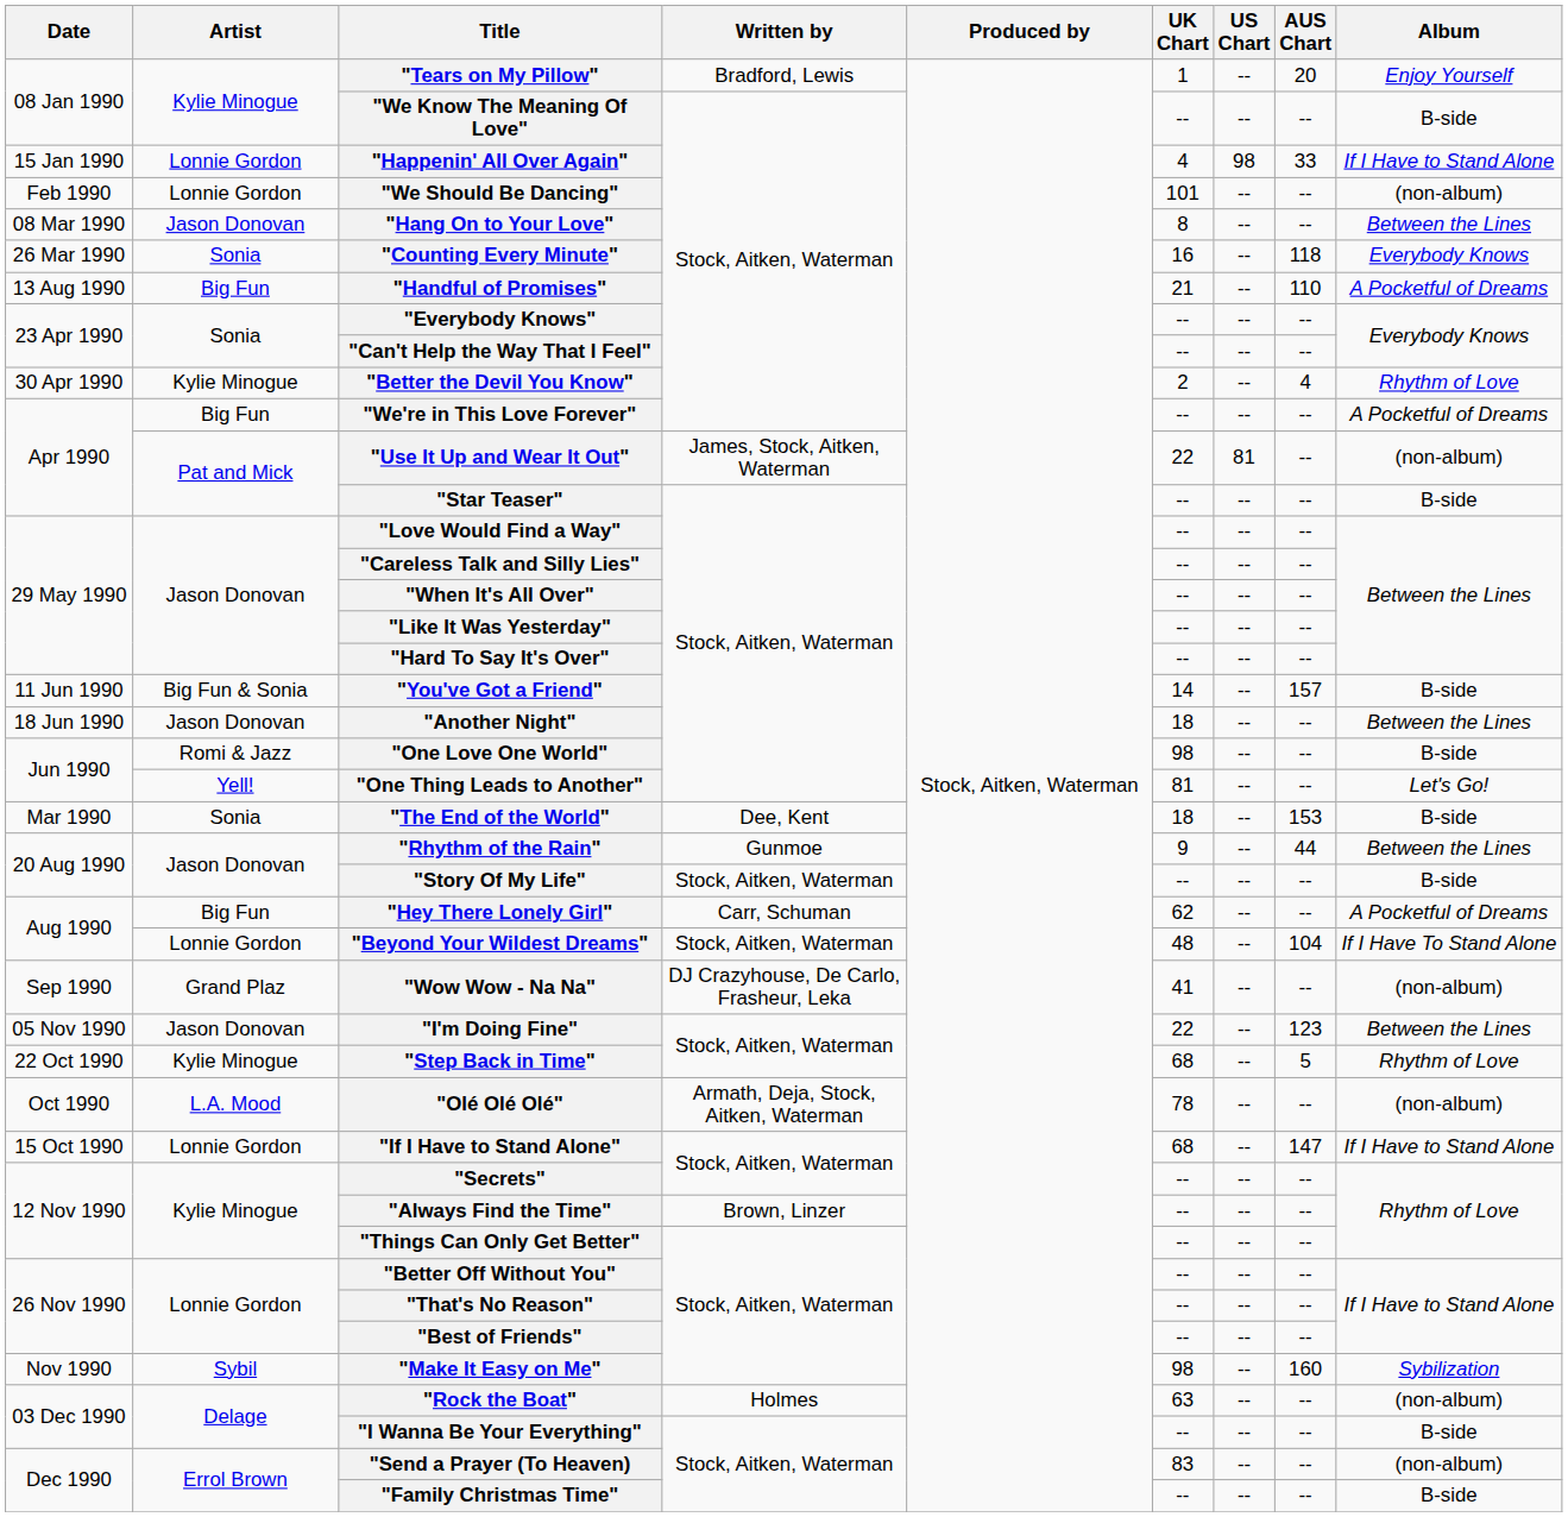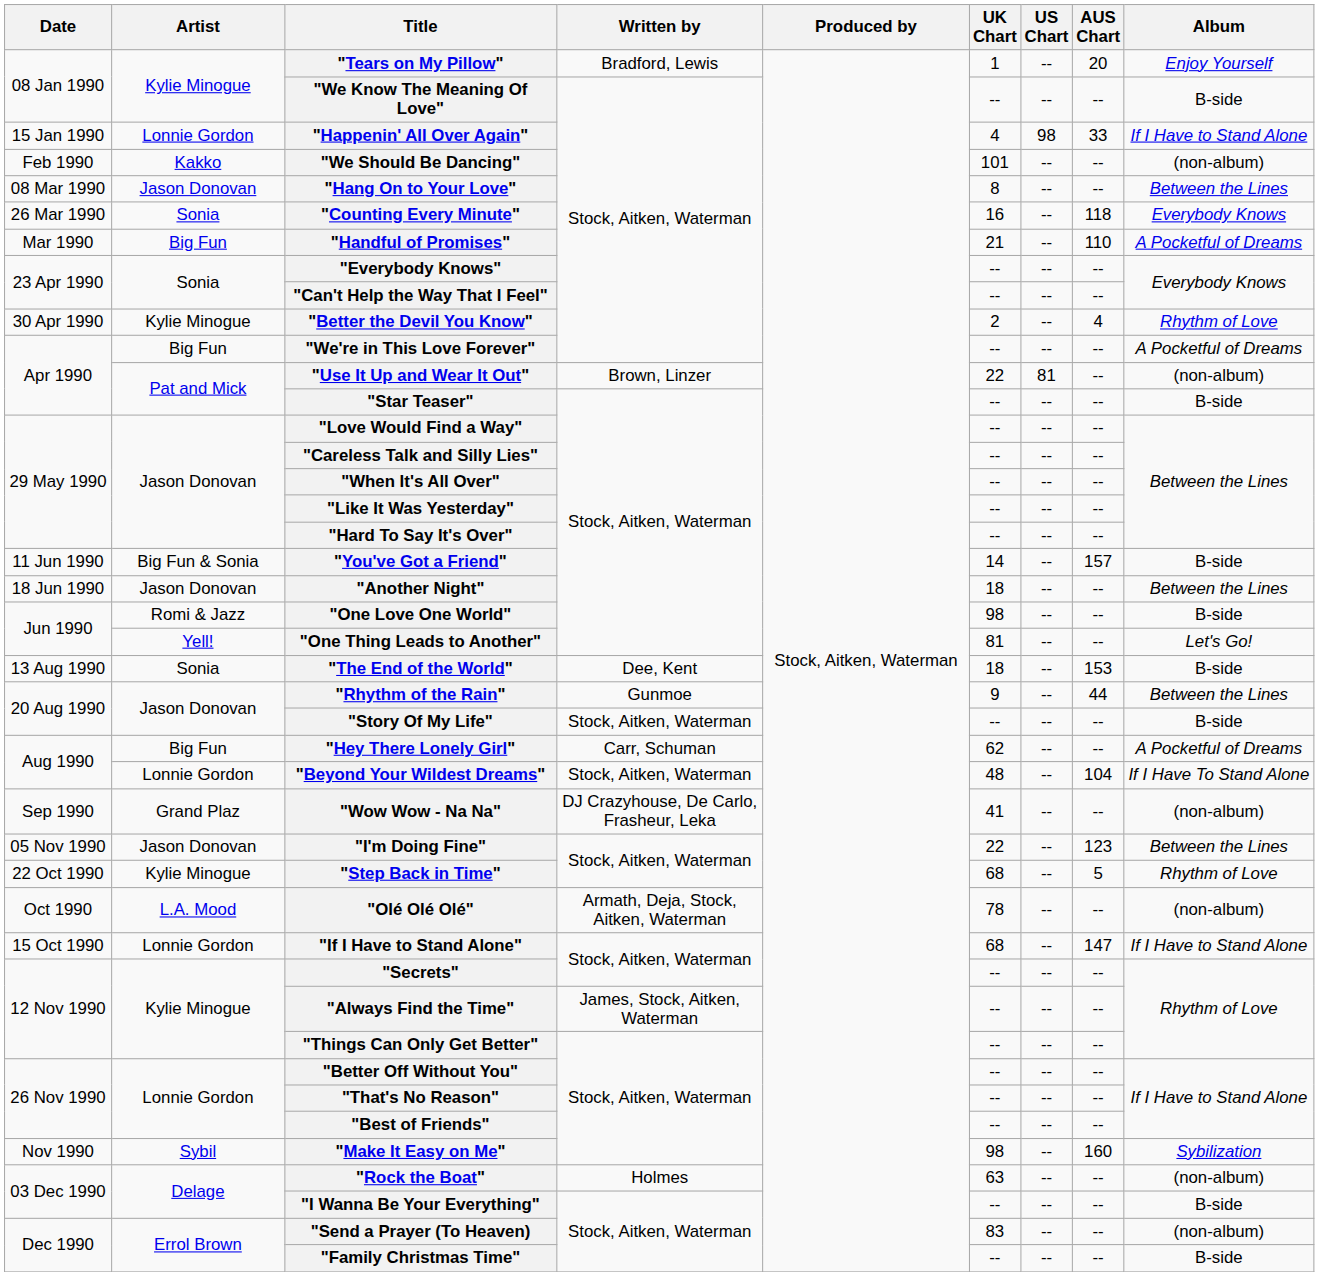 <table class="wikitable plainrowheaders" style="text-align:center;">
 <tr>
 <th scope="col" style="width:6em;">Date</th>
 <th scope="col" style="width:10em;">Artist</th>
 <th scope="col" style="width:16em;">Title</th>
 <th scope="col" style="width:12em;">Written by</th>
 <th scope="col" style="width:12em;">Produced by</th>
 <th scope="col" style="width:1em;">UK Chart</th>
 <th scope="col" style="width:1em;">US Chart</th>
 <th scope="col" style="width:1em;">AUS Chart</th>
 <th scope="col" style="width:11em;">Album</th>
 </tr>
 <tr>
 <td rowspan="2">08 Jan 1990</td>
 <td rowspan="2"><a href='#'>Kylie Minogue</a></td>
 <th scope="row">"<a href='#'>Tears on My Pillow</a>"</th>
 <td>Bradford, Lewis</td>
 <td rowspan="43">Stock, Aitken, Waterman</td>
 <td>1</td>
 <td>--</td>
 <td>20</td>
 <td><em><a href='#'>Enjoy Yourself</a></em></td>
 </tr>
 <tr>
 <th scope="row">"We Know The Meaning Of Love"</th>
 <td rowspan="10">Stock, Aitken, Waterman</td>
 <td>--</td>
 <td>--</td>
 <td>--</td>
 <td>B-side</td>
 </tr>
 <tr>
 <td>15 Jan 1990</td>
 <td><a href='#'>Lonnie Gordon</a></td>
 <th scope="row">"<a href='#'>Happenin' All Over Again</a>"</th>
 <td>4</td>
 <td>98</td>
 <td>33</td>
 <td><em><a href='#'>If I Have to Stand Alone</a></em></td>
 </tr>
 <tr>
 <td>Feb 1990</td>
-<td>Lonnie Gordon</td>
+<td><a href='#'>Kakko</a></td>
 <th scope="row">"We Should Be Dancing"</th>
 <td>101</td>
 <td>--</td>
 <td>--</td>
 <td>(non-album)</td>
 </tr>
 <tr>
 <td>08 Mar 1990</td>
 <td><a href='#'>Jason Donovan</a></td>
 <th scope="row">"<a href='#'>Hang On to Your Love</a>"</th>
 <td>8</td>
 <td>--</td>
 <td>--</td>
 <td><em><a href='#'>Between the Lines</a></em></td>
 </tr>
 <tr>
 <td>26 Mar 1990</td>
 <td><a href='#'>Sonia</a></td>
 <th scope="row">"<a href='#'>Counting Every Minute</a>"</th>
 <td>16</td>
 <td>--</td>
 <td>118</td>
 <td><em><a href='#'>Everybody Knows</a></em></td>
 </tr>
 <tr>
-<td>13 Aug 1990</td>
+<td>Mar 1990</td>
 <td><a href='#'>Big Fun</a></td>
 <th scope="row">"<a href='#'>Handful of Promises</a>"</th>
 <td>21</td>
 <td>--</td>
 <td>110</td>
 <td><em><a href='#'>A Pocketful of Dreams</a></em></td>
 </tr>
 <tr>
 <td rowspan="2">23 Apr 1990</td>
 <td rowspan="2">Sonia</td>
 <th scope="row">"Everybody Knows"</th>
 <td>--</td>
 <td>--</td>
 <td>--</td>
 <td rowspan="2"><em>Everybody Knows</em></td>
 </tr>
 <tr>
 <th scope="row">"Can't Help the Way That I Feel"</th>
 <td>--</td>
 <td>--</td>
 <td>--</td>
 </tr>
 <tr>
 <td>30 Apr 1990</td>
 <td>Kylie Minogue</td>
 <th scope="row">"<a href='#'>Better the Devil You Know</a>"</th>
 <td>2</td>
 <td>--</td>
 <td>4</td>
 <td><em><a href='#'>Rhythm of Love</a></em></td>
 </tr>
 <tr>
 <td rowspan="3">Apr 1990</td>
 <td>Big Fun</td>
 <th scope="row">"We're in This Love Forever"</th>
 <td>--</td>
 <td>--</td>
 <td>--</td>
 <td><em>A Pocketful of Dreams</em></td>
 </tr>
 <tr>
 <td rowspan="2"><a href='#'>Pat and Mick</a></td>
 <th scope="row">"<a href='#'>Use It Up and Wear It Out</a>"</th>
-<td>James, Stock, Aitken, Waterman</td>
+<td>Brown, Linzer</td>
 <td>22</td>
 <td>81</td>
 <td>--</td>
 <td>(non-album)</td>
 </tr>
 <tr>
 <th scope="row">"Star Teaser"</th>
 <td rowspan="10">Stock, Aitken, Waterman</td>
 <td>--</td>
 <td>--</td>
 <td>--</td>
 <td>B-side</td>
 </tr>
 <tr>
 <td rowspan="5">29 May 1990</td>
 <td rowspan="5">Jason Donovan</td>
 <th scope="row">"Love Would Find a Way"</th>
 <td>--</td>
 <td>--</td>
 <td>--</td>
 <td rowspan="5"><em>Between the Lines</em></td>
 </tr>
 <tr>
 <th scope="row">"Careless Talk and Silly Lies"</th>
 <td>--</td>
 <td>--</td>
 <td>--</td>
 </tr>
 <tr>
 <th scope="row">"When It's All Over"</th>
 <td>--</td>
 <td>--</td>
 <td>--</td>
 </tr>
 <tr>
 <th scope="row">"Like It Was Yesterday"</th>
 <td>--</td>
 <td>--</td>
 <td>--</td>
 </tr>
 <tr>
 <th scope="row">"Hard To Say It's Over"</th>
 <td>--</td>
 <td>--</td>
 <td>--</td>
 </tr>
 <tr>
 <td>11 Jun 1990</td>
 <td>Big Fun & Sonia</td>
 <th scope="row">"<a href='#'>You've Got a Friend</a>"</th>
 <td>14</td>
 <td>--</td>
 <td>157</td>
 <td>B-side</td>
 </tr>
 <tr>
 <td>18 Jun 1990</td>
 <td>Jason Donovan</td>
 <th scope="row">"Another Night"</th>
 <td>18</td>
 <td>--</td>
 <td>--</td>
 <td><em>Between the Lines</em></td>
 </tr>
 <tr>
 <td rowspan="2">Jun 1990</td>
 <td>Romi & Jazz</td>
 <th scope="row">"One Love One World"</th>
 <td>98</td>
 <td>--</td>
 <td>--</td>
 <td>B-side</td>
 </tr>
 <tr>
 <td><a href='#'>Yell!</a></td>
 <th scope="row">"One Thing Leads to Another"</th>
 <td>81</td>
 <td>--</td>
 <td>--</td>
 <td><em>Let's Go!</em></td>
 </tr>
 <tr>
-<td>Mar 1990</td>
+<td>13 Aug 1990</td>
 <td>Sonia</td>
 <th scope="row">"<a href='#'>The End of the World</a>"</th>
 <td>Dee, Kent</td>
 <td>18</td>
 <td>--</td>
 <td>153</td>
 <td>B-side</td>
 </tr>
 <tr>
 <td rowspan="2">20 Aug 1990</td>
 <td rowspan="2">Jason Donovan</td>
 <th scope="row">"<a href='#'>Rhythm of the Rain</a>"</th>
 <td>Gunmoe</td>
 <td>9</td>
 <td>--</td>
 <td>44</td>
 <td><em>Between the Lines</em></td>
 </tr>
 <tr>
 <th scope="row">"Story Of My Life"</th>
 <td>Stock, Aitken, Waterman</td>
 <td>--</td>
 <td>--</td>
 <td>--</td>
 <td>B-side</td>
 </tr>
 <tr>
 <td rowspan="2">Aug 1990</td>
 <td>Big Fun</td>
 <th scope="row">"<a href='#'>Hey There Lonely Girl</a>"</th>
 <td>Carr, Schuman</td>
 <td>62</td>
 <td>--</td>
 <td>--</td>
 <td><em>A Pocketful of Dreams</em></td>
 </tr>
 <tr>
 <td>Lonnie Gordon</td>
 <th scope="row">"<a href='#'>Beyond Your Wildest Dreams</a>"</th>
 <td>Stock, Aitken, Waterman</td>
 <td>48</td>
 <td>--</td>
 <td>104</td>
 <td><em>If I Have To Stand Alone</em></td>
 </tr>
 <tr>
 <td>Sep 1990</td>
 <td>Grand Plaz</td>
 <th scope="row">"Wow Wow - Na Na"</th>
 <td>DJ Crazyhouse, De Carlo, Frasheur, Leka</td>
 <td>41</td>
 <td>--</td>
 <td>--</td>
 <td>(non-album)</td>
 </tr>
 <tr>
 <td>05 Nov 1990</td>
 <td>Jason Donovan</td>
 <th scope="row">"I'm Doing Fine"</th>
 <td rowspan="2">Stock, Aitken, Waterman</td>
 <td>22</td>
 <td>--</td>
 <td>123</td>
 <td><em>Between the Lines</em></td>
 </tr>
 <tr>
 <td>22 Oct 1990</td>
 <td>Kylie Minogue</td>
 <th scope="row">"<a href='#'>Step Back in Time</a>"</th>
 <td>68</td>
 <td>--</td>
 <td>5</td>
 <td><em>Rhythm of Love</em></td>
 </tr>
 <tr>
 <td>Oct 1990</td>
 <td><a href='#'>L.A. Mood</a></td>
 <th scope="row">"Olé Olé Olé"</th>
 <td>Armath, Deja, Stock, Aitken, Waterman</td>
 <td>78</td>
 <td>--</td>
 <td>--</td>
 <td>(non-album)</td>
 </tr>
 <tr>
 <td>15 Oct 1990</td>
 <td>Lonnie Gordon</td>
 <th scope="row">"If I Have to Stand Alone"</th>
 <td rowspan="2">Stock, Aitken, Waterman</td>
 <td>68</td>
 <td>--</td>
 <td>147</td>
 <td><em>If I Have to Stand Alone</em></td>
 </tr>
 <tr>
 <td rowspan="3">12 Nov 1990</td>
 <td rowspan="3">Kylie Minogue</td>
 <th scope="row">"Secrets"</th>
 <td>--</td>
 <td>--</td>
 <td>--</td>
 <td rowspan="3"><em>Rhythm of Love</em></td>
 </tr>
 <tr>
 <th scope="row">"Always Find the Time"</th>
-<td>Brown, Linzer</td>
+<td>James, Stock, Aitken, Waterman</td>
 <td>--</td>
 <td>--</td>
 <td>--</td>
 </tr>
 <tr>
 <th scope="row">"Things Can Only Get Better"</th>
 <td rowspan="5">Stock, Aitken, Waterman</td>
 <td>--</td>
 <td>--</td>
 <td>--</td>
 </tr>
 <tr>
 <td rowspan="3">26 Nov 1990</td>
 <td rowspan="3">Lonnie Gordon</td>
 <th scope="row">"Better Off Without You"</th>
 <td>--</td>
 <td>--</td>
 <td>--</td>
 <td rowspan="3'"><em>If I Have to Stand Alone</em></td>
 </tr>
 <tr>
 <th scope="row">"That's No Reason"</th>
 <td>--</td>
 <td>--</td>
 <td>--</td>
 </tr>
 <tr>
 <th scope="row">"Best of Friends"</th>
 <td>--</td>
 <td>--</td>
 <td>--</td>
 </tr>
 <tr>
 <td>Nov 1990</td>
 <td><a href='#'>Sybil</a></td>
 <th scope="row">"<a href='#'>Make It Easy on Me</a>"</th>
 <td>98</td>
 <td>--</td>
 <td>160</td>
 <td><em><a href='#'>Sybilization</a></em></td>
 </tr>
 <tr>
 <td rowspan="2">03 Dec 1990</td>
 <td rowspan="2"><a href='#'>Delage</a></td>
 <th scope="row">"<a href='#'>Rock the Boat</a>"</th>
 <td>Holmes</td>
 <td>63</td>
 <td>--</td>
 <td>--</td>
 <td>(non-album)</td>
 </tr>
 <tr>
 <th scope="row">"I Wanna Be Your Everything"</th>
 <td rowspan="3">Stock, Aitken, Waterman</td>
 <td>--</td>
 <td>--</td>
 <td>--</td>
 <td>B-side</td>
 </tr>
 <tr>
 <td rowspan="2">Dec 1990</td>
 <td rowspan="2"><a href='#'>Errol Brown</a></td>
 <th scope="row">"Send a Prayer (To Heaven)</th>
 <td>83</td>
 <td>--</td>
 <td>--</td>
 <td>(non-album)</td>
 </tr>
 <tr>
 <th scope="row">"Family Christmas Time"</th>
 <td>--</td>
 <td>--</td>
 <td>--</td>
 <td>B-side</td>
 </tr>
 </table>
